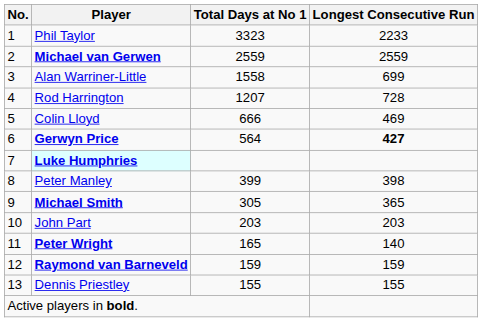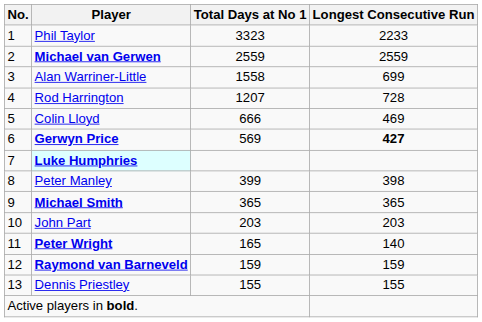 <table class="wikitable sortable">
 <tr>
 <th scope="col">No.</th>
 <th scope="col" style="width:500">Player</th>
 <th scope="col" style="width:175">Total Days at No 1</th>
 <th scope="col" style="width:175">Longest Consecutive Run</th>
 </tr>
 <tr>
 <td>1</td>
 <td style="text-align:left;"><a href='#'>Phil Taylor</a></td>
 <td style="text-align:center">3323</td>
 <td style="text-align:center">2233</td>
 </tr>
 <tr>
 <td>2</td>
 <td style="text-align:left"><strong><a href='#'>Michael van Gerwen</a></strong></td>
 <td style="text-align:center">2559</td>
 <td style="text-align:center">2559</td>
 </tr>
 <tr>
 <td>3</td>
 <td style="text-align:left"><a href='#'>Alan Warriner-Little</a></td>
 <td style="text-align:center">1558</td>
 <td style="text-align:center">699</td>
 </tr>
 <tr>
 <td>4</td>
 <td style="text-align:left"><a href='#'>Rod Harrington</a></td>
 <td style="text-align:center">1207</td>
 <td style="text-align:center">728</td>
 </tr>
 <tr>
 <td>5</td>
 <td style="text-align:left"><a href='#'>Colin Lloyd</a></td>
 <td style="text-align:center">666</td>
 <td style="text-align:center">469</td>
 </tr>
 <tr>
 <td>6</td>
 <td style="text-align:left"><strong><a href='#'>Gerwyn Price</a></strong></td>
-<td style="text-align:center">564</td>
+<td style="text-align:center">569</td>
 <td style="text-align:center"><strong>427</strong></td>
 </tr>
 <tr>
 <td>7</td>
 <td style="text-align:left;  background-color: #DDFFFF"><strong><a href='#'>Luke Humphries</a></strong></td>
 <td style="text-align:center"><strong></strong> </td>
 <td style="text-align:center"><strong></strong></td>
 </tr>
 <tr>
 <td>8</td>
 <td style="text-align:left"><a href='#'>Peter Manley</a></td>
 <td style="text-align:center">399</td>
 <td style="text-align:center">398</td>
 </tr>
 <tr>
 <td>9</td>
 <td style="text-align:left"><strong><a href='#'>Michael Smith</a></strong></td>
-<td style="text-align:center">305</td>
+<td style="text-align:center">365</td>
 <td style="text-align:center">365</td>
 </tr>
 <tr>
 <td>10</td>
 <td style="text-align:left"><a href='#'>John Part</a></td>
 <td style="text-align:center">203</td>
 <td style="text-align:center">203</td>
 </tr>
 <tr>
 <td>11</td>
 <td style="text-align:left"><strong><a href='#'>Peter Wright</a></strong></td>
 <td style="text-align:center">165</td>
 <td style="text-align:center">140</td>
 </tr>
 <tr>
 <td>12</td>
 <td style="text-align:left"><strong><a href='#'>Raymond van Barneveld</a></strong></td>
 <td style="text-align:center">159</td>
 <td style="text-align:center">159</td>
 </tr>
 <tr>
 <td>13</td>
 <td style="text-align:left"><a href='#'>Dennis Priestley</a></td>
 <td style="text-align:center">155</td>
 <td style="text-align:center">155</td>
 </tr>
 <tr>
 <td colspan=3>Active players in <strong>bold</strong>.</td>
 </tr>
 </table>
